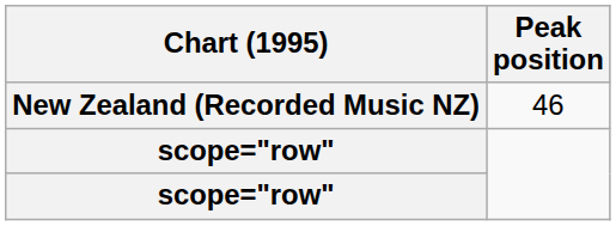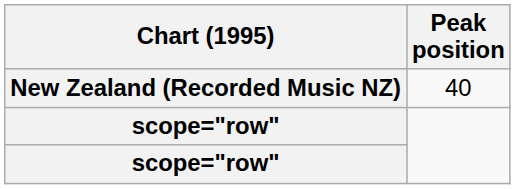 <table class="wikitable sortable plainrowheaders" style="text-align:center;">
 <tr>
 <th scope="col">Chart (1995)</th>
 <th scope="col">Peak<br>position</th>
 </tr>
 <tr>
 <th scope="row">New Zealand (Recorded Music NZ)</th>
-<td align="center">46</td>
+<td align="center">40</td>
 </tr>
 <tr>
 <th>scope="row"</th>
 </tr>
 <tr>
 <th>scope="row"</th>
 </tr>
 </table>
